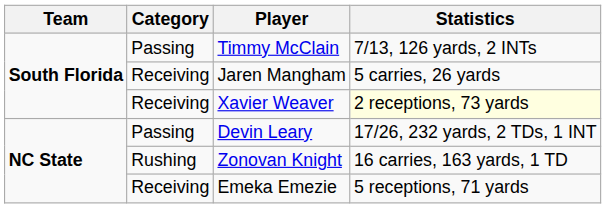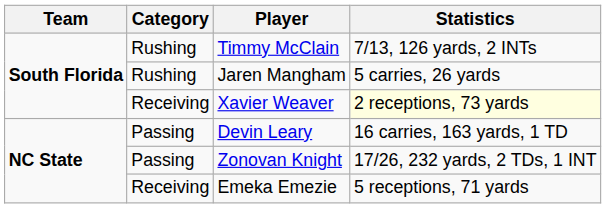 <table class="wikitable" style="float: left;">
 <tr>
 <th>Team</th>
 <th>Category</th>
 <th>Player</th>
 <th>Statistics</th>
 </tr>
 <tr>
 <td rowspan=3><strong>South Florida</strong></td>
-<td>Passing</td>
+<td>Rushing</td>
 <td><a href='#'>Timmy McClain</a></td>
 <td>7/13, 126 yards, 2 INTs</td>
 </tr>
 <tr>
-<td>Receiving</td>
+<td>Rushing</td>
 <td>Jaren Mangham</td>
 <td>5 carries, 26 yards</td>
 </tr>
 <tr>
 <td>Receiving</td>
 <td><a href='#'>Xavier Weaver</a></td>
 <td style="background: lightyellow;">2 receptions, 73 yards</td>
 </tr>
 <tr>
 <td rowspan=3><strong>NC State</strong></td>
 <td>Passing</td>
 <td><a href='#'>Devin Leary</a></td>
-<td>17/26, 232 yards, 2 TDs, 1 INT</td>
+<td>16 carries, 163 yards, 1 TD</td>
 </tr>
 <tr>
-<td>Rushing</td>
+<td>Passing</td>
 <td><a href='#'>Zonovan Knight</a></td>
-<td>16 carries, 163 yards, 1 TD</td>
+<td>17/26, 232 yards, 2 TDs, 1 INT</td>
 </tr>
 <tr>
 <td>Receiving</td>
 <td>Emeka Emezie</td>
 <td>5 receptions, 71 yards</td>
 </tr>
 </table>
